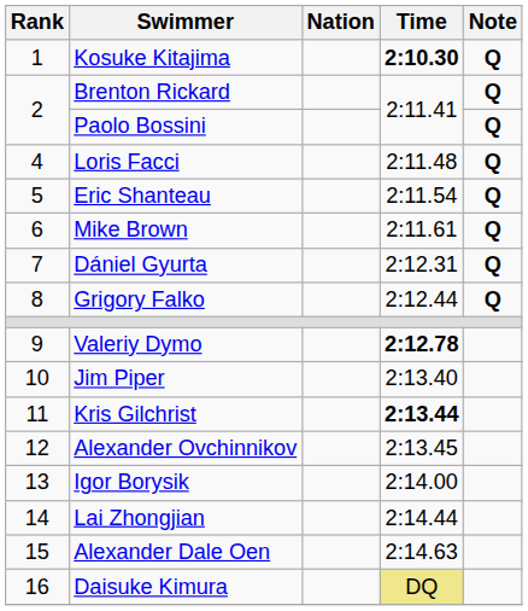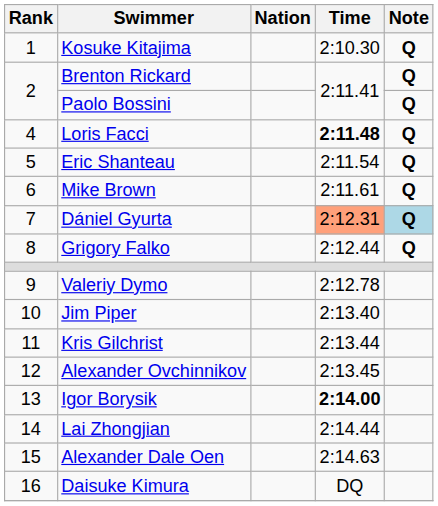 <table class="wikitable" style="text-align:center">
 <tr>
 <th>Rank</th>
 <th>Swimmer</th>
 <th>Nation</th>
 <th>Time</th>
 <th>Note</th>
 </tr>
 <tr>
 <td>1</td>
 <td align=left><a href='#'>Kosuke Kitajima</a></td>
 <td align=left></td>
-<td><strong>2:10.30</strong></td>
+<td>2:10.30</td>
 <td><strong>Q</strong></td>
 </tr>
 <tr>
 <td rowspan=2>2</td>
 <td align=left><a href='#'>Brenton Rickard</a></td>
 <td align=left></td>
 <td rowspan=2>2:11.41</td>
 <td><strong>Q</strong></td>
 </tr>
 <tr>
 <td align=left><a href='#'>Paolo Bossini</a></td>
 <td align=left></td>
 <td><strong>Q</strong></td>
 </tr>
 <tr>
 <td>4</td>
 <td align=left><a href='#'>Loris Facci</a></td>
 <td align=left></td>
-<td>2:11.48</td>
+<td><strong>2:11.48</strong></td>
 <td><strong>Q</strong></td>
 </tr>
 <tr>
 <td>5</td>
 <td align=left><a href='#'>Eric Shanteau</a></td>
 <td align=left></td>
 <td>2:11.54</td>
 <td><strong>Q</strong></td>
 </tr>
 <tr>
 <td>6</td>
 <td align=left><a href='#'>Mike Brown</a></td>
 <td align=left></td>
 <td>2:11.61</td>
 <td><strong>Q</strong></td>
 </tr>
 <tr>
 <td>7</td>
 <td align=left><a href='#'>Dániel Gyurta</a></td>
 <td align=left></td>
-<td>2:12.31</td>
-<td><strong>Q</strong></td>
+<td style="background: lightsalmon;">2:12.31</td>
+<td style="background: lightblue;"><strong>Q</strong></td>
 </tr>
 <tr>
 <td>8</td>
 <td align=left><a href='#'>Grigory Falko</a></td>
 <td align=left></td>
 <td>2:12.44</td>
 <td><strong>Q</strong></td>
 </tr>
 <tr bgcolor=#DDDDDD>
 <td colspan=5></td>
 </tr>
 <tr>
 <td>9</td>
 <td align=left><a href='#'>Valeriy Dymo</a></td>
 <td align=left></td>
-<td><strong>2:12.78</strong></td>
+<td>2:12.78</td>
 <td></td>
 </tr>
 <tr>
 <td>10</td>
 <td align=left><a href='#'>Jim Piper</a></td>
 <td align=left></td>
 <td>2:13.40</td>
 <td></td>
 </tr>
 <tr>
 <td>11</td>
 <td align=left><a href='#'>Kris Gilchrist</a></td>
 <td align=left></td>
-<td><strong>2:13.44</strong></td>
+<td>2:13.44</td>
 <td></td>
 </tr>
 <tr>
 <td>12</td>
 <td align=left><a href='#'>Alexander Ovchinnikov</a></td>
 <td align=left></td>
 <td>2:13.45</td>
 <td></td>
 </tr>
 <tr>
 <td>13</td>
 <td align=left><a href='#'>Igor Borysik</a></td>
 <td align=left></td>
-<td>2:14.00</td>
+<td><strong>2:14.00</strong></td>
 <td></td>
 </tr>
 <tr>
 <td>14</td>
 <td align=left><a href='#'>Lai Zhongjian</a></td>
 <td align=left></td>
 <td>2:14.44</td>
 <td></td>
 </tr>
 <tr>
 <td>15</td>
 <td align=left><a href='#'>Alexander Dale Oen</a></td>
 <td align=left></td>
 <td>2:14.63</td>
 <td></td>
 </tr>
 <tr>
 <td>16</td>
 <td align=left><a href='#'>Daisuke Kimura</a></td>
 <td align=left></td>
-<td style="background: khaki;">DQ</td>
+<td>DQ</td>
 <td></td>
 </tr>
 <tr>
 </tr>
 </table>
